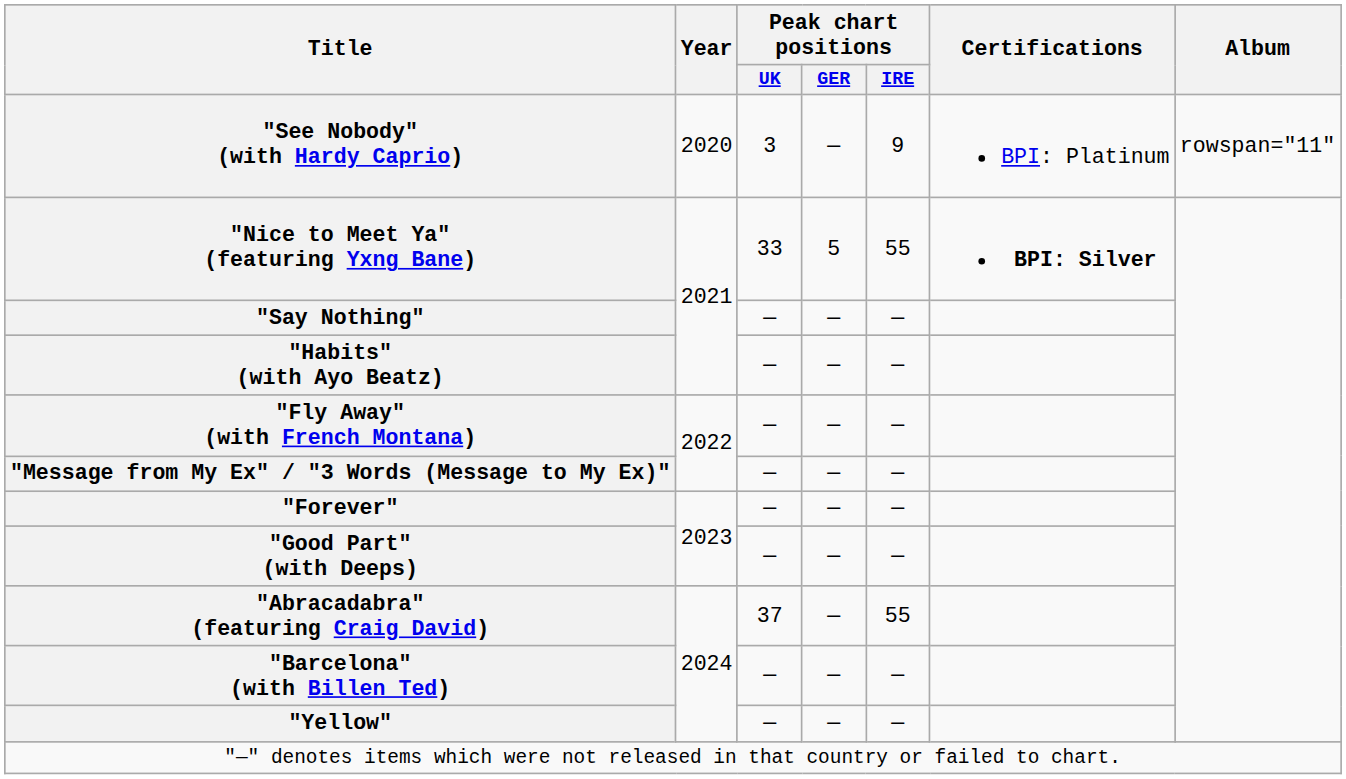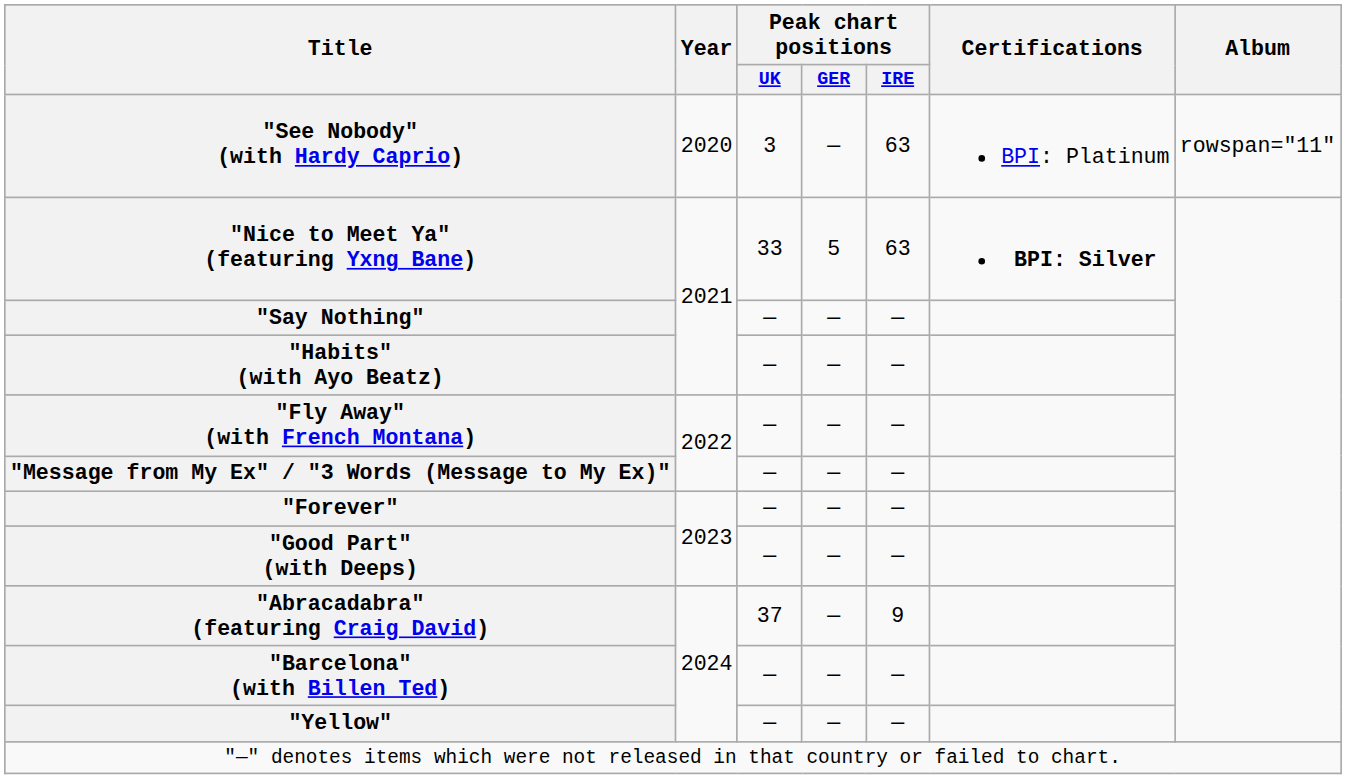 <table class="wikitable plainrowheaders" style="text-align:center;">
 <tr>
 <th scope="col" rowspan="2">Title</th>
 <th scope="col" rowspan="2">Year</th>
 <th scope="col" colspan="3">Peak chart positions</th>
 <th scope="col" rowspan="2">Certifications</th>
 <th scope="col" rowspan="2">Album</th>
 </tr>
 <tr>
 <th scope="col" style="width:3em;font-size:85%;"><a href='#'>UK</a><br></th>
 <th scope="col" style="width:3em;font-size:85%;"><a href='#'>GER</a><br></th>
 <th scope="col" style="width:3em;font-size:85%;"><a href='#'>IRE</a><br></th>
 </tr>
 <tr>
 <th scope="row">"See Nobody"<br><span>(with <a href='#'>Hardy Caprio</a>)</span></th>
 <td>2020</td>
 <td>3</td>
 <td>—</td>
-<td>9</td>
+<td>63</td>
 <td><br><ul><li><a href='#'>BPI</a>: Platinum</li></ul></td>
 <td>rowspan="11" </td>
 </tr>
 <tr>
 <th scope="row">"Nice to Meet Ya"<br><span>(featuring <a href='#'>Yxng Bane</a>)</span></th>
 <td rowspan="3">2021</td>
 <td>33</td>
 <td>5</td>
-<td>55<br></td>
+<td>63</td>
 <td><strong><br><ul><li>BPI: Silver</li></ul></strong></td>
 </tr>
 <tr>
 <th scope="row">"Say Nothing"</th>
 <td>—</td>
 <td>—</td>
 <td>—</td>
 <td></td>
 </tr>
 <tr>
 <th scope="row">"Habits"<br><span>(with Ayo Beatz)</span></th>
 <td>—</td>
 <td>—</td>
 <td>—</td>
 <td></td>
 </tr>
 <tr>
 <th scope="row">"Fly Away"<br><span>(with <a href='#'>French Montana</a>)</span></th>
 <td rowspan="2">2022</td>
 <td>—</td>
 <td>—</td>
 <td>—</td>
 <td></td>
 </tr>
 <tr>
 <th scope="row">"Message from My Ex" / "3 Words (Message to My Ex)"</th>
 <td>—</td>
 <td>—</td>
 <td>—</td>
 <td></td>
 </tr>
 <tr>
 <th scope="row">"Forever"</th>
 <td rowspan="2">2023</td>
 <td>—</td>
 <td>—</td>
 <td>—</td>
 <td></td>
 </tr>
 <tr>
 <th scope="row">"Good Part"<br><span>(with Deeps)</span></th>
 <td>—</td>
 <td>—</td>
 <td>—</td>
 <td></td>
 </tr>
 <tr>
 <th scope="row">"Abracadabra"<br><span>(featuring <a href='#'>Craig David</a>)</span></th>
 <td rowspan="3">2024</td>
 <td>37</td>
 <td>—</td>
-<td>55<br></td>
+<td>9</td>
 <td></td>
 </tr>
 <tr>
 <th scope="row">"Barcelona"<br><span>(with <a href='#'>Billen Ted</a>)</span></th>
 <td>—</td>
 <td>—</td>
 <td>—</td>
 <td></td>
 </tr>
 <tr>
 <th scope="row">"Yellow"</th>
 <td>—</td>
 <td>—</td>
 <td>—</td>
 <td></td>
 </tr>
 <tr>
 <td colspan="9" style="font-size:90%;">"—" denotes items which were not released in that country or failed to chart.</td>
 </tr>
 </table>
